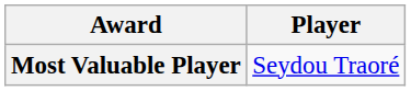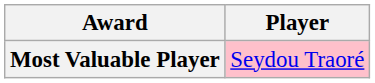 <table class="wikitable" style="text-align:center">
 <tr>
 <th>Award</th>
 <th>Player</th>
 </tr>
 <tr>
 <th>Most Valuable Player</th>
-<td align=left> <a href='#'>Seydou Traoré</a></td>
+<td align=left style="background: pink;"> <a href='#'>Seydou Traoré</a></td>
 </tr>
 </table>
